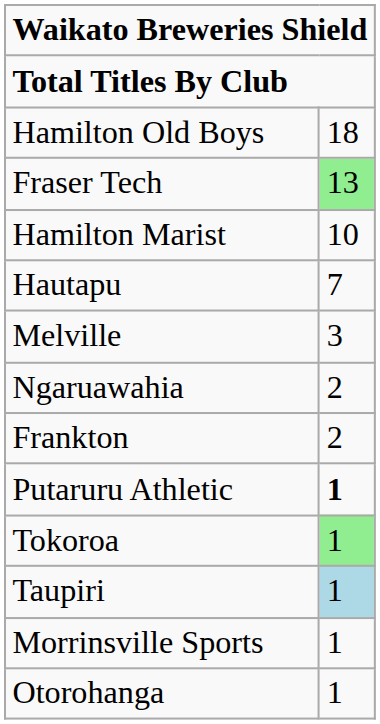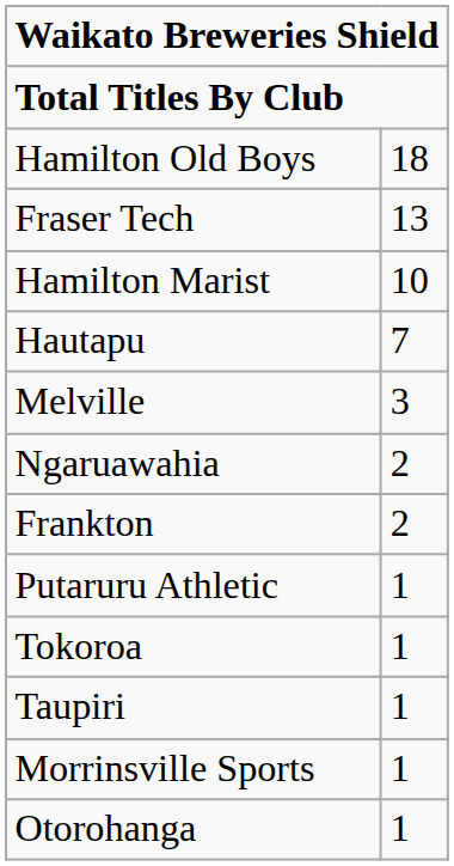 <table class="wikitable">
 <tr>
 <td colspan="2"><strong>Waikato Breweries Shield</strong></td>
 </tr>
 <tr>
 <td colspan="2"><strong>Total Titles By Club</strong></td>
 </tr>
 <tr>
 <td>Hamilton Old Boys</td>
 <td>18</td>
 </tr>
 <tr>
 <td>Fraser Tech</td>
-<td style="background: lightgreen;">13</td>
+<td>13</td>
 </tr>
 <tr>
 <td>Hamilton Marist</td>
 <td>10</td>
 </tr>
 <tr>
 <td>Hautapu</td>
 <td>7</td>
 </tr>
 <tr>
 <td>Melville</td>
 <td>3</td>
 </tr>
 <tr>
 <td>Ngaruawahia</td>
 <td>2</td>
 </tr>
 <tr>
 <td>Frankton</td>
 <td>2</td>
 </tr>
 <tr>
 <td>Putaruru Athletic</td>
-<td><strong>1</strong></td>
+<td>1</td>
 </tr>
 <tr>
 <td>Tokoroa</td>
-<td style="background: lightgreen;">1</td>
+<td>1</td>
 </tr>
 <tr>
 <td>Taupiri</td>
-<td style="background: lightblue;">1</td>
+<td>1</td>
 </tr>
 <tr>
 <td>Morrinsville Sports</td>
 <td>1</td>
 </tr>
 <tr>
 <td>Otorohanga</td>
 <td>1</td>
 </tr>
 </table>
